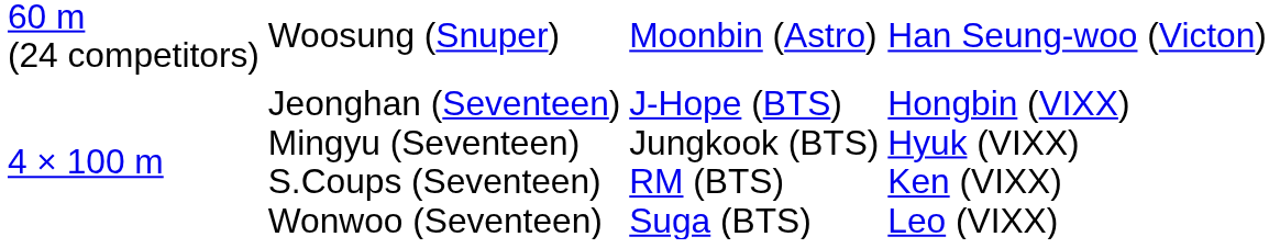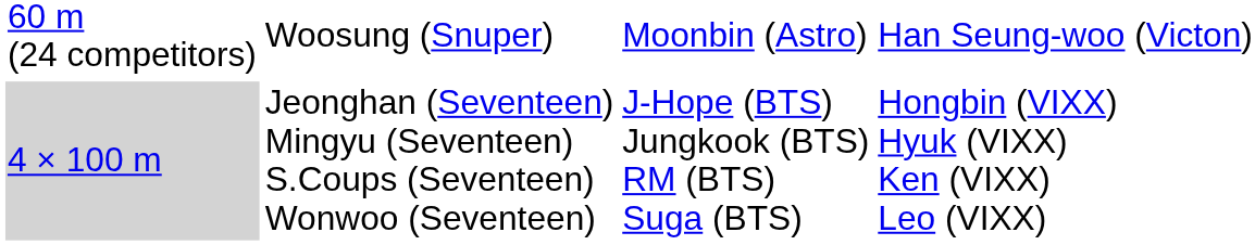 <table>
 <tr>
 <td><a href='#'>60 m</a><br>(24 competitors)</td>
 <td>Woosung (<a href='#'>Snuper</a>)</td>
 <td><a href='#'>Moonbin</a> (<a href='#'>Astro</a>)</td>
 <td><a href='#'>Han Seung-woo</a> (<a href='#'>Victon</a>)</td>
 </tr>
 <tr>
-<td><a href='#'>4 × 100 m</a></td>
+<td style="background: lightgrey;"><a href='#'>4 × 100 m</a></td>
 <td>Jeonghan (<a href='#'>Seventeen</a>)<br>Mingyu (Seventeen)<br>S.Coups (Seventeen)<br>Wonwoo (Seventeen)</td>
 <td><a href='#'>J-Hope</a> (<a href='#'>BTS</a>)<br>Jungkook (BTS)<br><a href='#'>RM</a> (BTS)<br><a href='#'>Suga</a> (BTS)</td>
 <td><a href='#'>Hongbin</a> (<a href='#'>VIXX</a>)<br><a href='#'>Hyuk</a> (VIXX)<br><a href='#'>Ken</a> (VIXX)<br><a href='#'>Leo</a> (VIXX)</td>
 </tr>
 </table>
